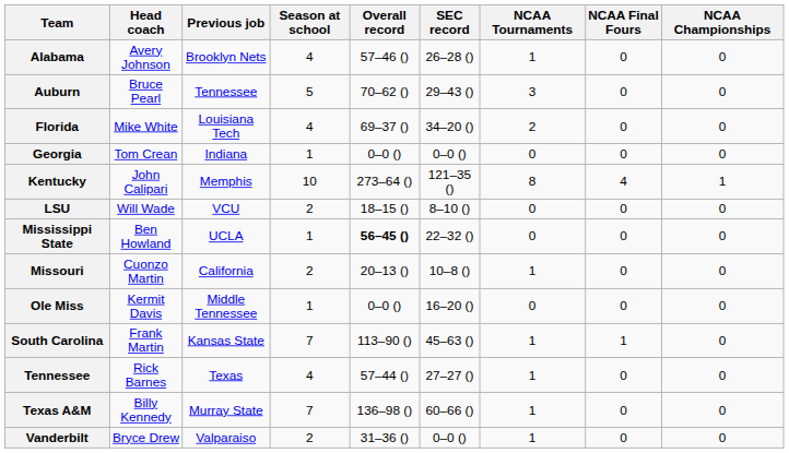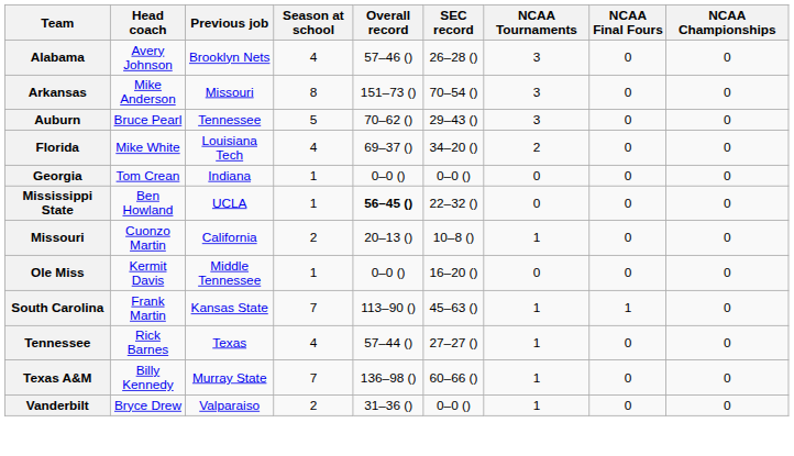 <table class="wikitable sortable" style="text-align: center;font-size:90%;">
 <tr>
 <th width="110">Team</th>
 <th>Head coach</th>
 <th>Previous job</th>
 <th>Season at school</th>
 <th>Overall record</th>
 <th>SEC record</th>
 <th>NCAA Tournaments</th>
 <th>NCAA Final Fours</th>
 <th>NCAA Championships</th>
 </tr>
 <tr>
 <th>Alabama</th>
 <td><a href='#'>Avery Johnson</a></td>
 <td><a href='#'>Brooklyn Nets</a></td>
 <td>4</td>
 <td>57–46 ()</td>
 <td>26–28 ()</td>
-<td>1</td>
+<td>3</td>
+<td>0</td>
+<td>0</td>
+</tr>
+<tr>
+<th>Arkansas</th>
+<td><a href='#'>Mike Anderson</a></td>
+<td><a href='#'>Missouri</a></td>
+<td>8</td>
+<td>151–73 ()</td>
+<td>70–54 ()</td>
+<td>3</td>
 <td>0</td>
 <td>0</td>
 </tr>
 <tr>
 <th>Auburn</th>
 <td><a href='#'>Bruce Pearl</a></td>
 <td><a href='#'>Tennessee</a></td>
 <td>5</td>
 <td>70–62 ()</td>
 <td>29–43 ()</td>
 <td>3</td>
 <td>0</td>
 <td>0</td>
 </tr>
 <tr>
 <th>Florida</th>
 <td><a href='#'>Mike White</a></td>
 <td><a href='#'>Louisiana Tech</a></td>
 <td>4</td>
 <td>69–37 ()</td>
 <td>34–20 ()</td>
 <td>2</td>
 <td>0</td>
 <td>0</td>
 </tr>
 <tr>
 <th>Georgia</th>
 <td><a href='#'>Tom Crean</a></td>
 <td><a href='#'>Indiana</a></td>
 <td>1</td>
 <td>0–0 ()</td>
 <td>0–0 ()</td>
-<td>0</td>
-<td>0</td>
-<td>0</td>
-</tr>
-<tr>
-<th>Kentucky</th>
-<td><a href='#'>John Calipari</a></td>
-<td><a href='#'>Memphis</a></td>
-<td>10</td>
-<td>273–64 ()</td>
-<td>121–35 ()</td>
-<td>8</td>
-<td>4</td>
-<td>1</td>
-</tr>
-<tr>
-<th>LSU</th>
-<td><a href='#'>Will Wade</a></td>
-<td><a href='#'>VCU</a></td>
-<td>2</td>
-<td>18–15 ()</td>
-<td>8–10 ()</td>
 <td>0</td>
 <td>0</td>
 <td>0</td>
 </tr>
 <tr>
 <th>Mississippi State</th>
 <td><a href='#'>Ben Howland</a></td>
 <td><a href='#'>UCLA</a></td>
 <td>1</td>
 <td><strong>56–45 ()</strong></td>
 <td>22–32 ()</td>
 <td>0</td>
 <td>0</td>
 <td>0</td>
 </tr>
 <tr>
 <th>Missouri</th>
 <td><a href='#'>Cuonzo Martin</a></td>
 <td><a href='#'>California</a></td>
 <td>2</td>
 <td>20–13 ()</td>
 <td>10–8 ()</td>
 <td>1</td>
 <td>0</td>
 <td>0</td>
 </tr>
 <tr>
 <th>Ole Miss</th>
 <td><a href='#'>Kermit Davis</a></td>
 <td><a href='#'>Middle Tennessee</a></td>
 <td>1</td>
 <td>0–0 ()</td>
 <td>16–20 ()</td>
 <td>0</td>
 <td>0</td>
 <td>0</td>
 </tr>
 <tr>
 <th>South Carolina</th>
 <td><a href='#'>Frank Martin</a></td>
 <td><a href='#'>Kansas State</a></td>
 <td>7</td>
 <td>113–90 ()</td>
 <td>45–63 ()</td>
 <td>1</td>
 <td>1</td>
 <td>0</td>
 </tr>
 <tr>
 <th>Tennessee</th>
 <td><a href='#'>Rick Barnes</a></td>
 <td><a href='#'>Texas</a></td>
 <td>4</td>
 <td>57–44 ()</td>
 <td>27–27 ()</td>
 <td>1</td>
 <td>0</td>
 <td>0</td>
 </tr>
 <tr>
 <th>Texas A&M</th>
 <td><a href='#'>Billy Kennedy</a></td>
 <td><a href='#'>Murray State</a></td>
 <td>7</td>
 <td>136–98 ()</td>
 <td>60–66 ()</td>
 <td>1</td>
 <td>0</td>
 <td>0</td>
 </tr>
 <tr>
 <th>Vanderbilt</th>
 <td><a href='#'>Bryce Drew</a></td>
 <td><a href='#'>Valparaiso</a></td>
 <td>2</td>
 <td>31–36 ()</td>
 <td>0–0 ()</td>
 <td>1</td>
 <td>0</td>
 <td>0</td>
 </tr>
 </table>
